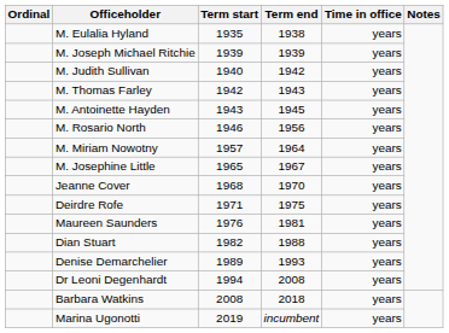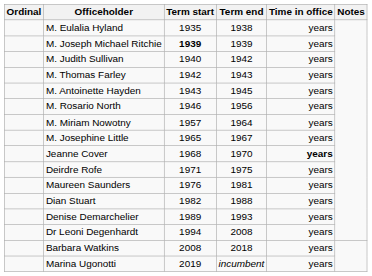 <table class="wikitable">
 <tr>
 <th>Ordinal</th>
 <th>Officeholder</th>
 <th>Term start</th>
 <th>Term end</th>
 <th>Time in office</th>
 <th>Notes</th>
 </tr>
 <tr>
 <td align=center></td>
 <td>M. Eulalia Hyland</td>
 <td align=center>1935</td>
 <td align=center>1938</td>
 <td align=right> years</td>
 <td rowspan=14></td>
 </tr>
 <tr>
 <td align=center></td>
 <td>M. Joseph Michael Ritchie</td>
-<td align=center>1939</td>
+<td align=center><strong>1939</strong></td>
 <td align=center>1939</td>
 <td align=right> years</td>
 </tr>
 <tr>
 <td align=center></td>
 <td>M. Judith Sullivan</td>
 <td align=center>1940</td>
 <td align=center>1942</td>
 <td align=right> years</td>
 </tr>
 <tr>
 <td align=center></td>
 <td>M. Thomas Farley</td>
 <td align=center>1942</td>
 <td align=center>1943</td>
 <td align=right> years</td>
 </tr>
 <tr>
 <td align=center></td>
 <td>M. Antoinette Hayden</td>
 <td align=center>1943</td>
 <td align=center>1945</td>
 <td align=right> years</td>
 </tr>
 <tr>
 <td align=center></td>
 <td>M. Rosario North</td>
 <td align=center>1946</td>
 <td align=center>1956</td>
 <td align=right> years</td>
 </tr>
 <tr>
 <td align=center></td>
 <td>M. Miriam Nowotny</td>
 <td align=center>1957</td>
 <td align=center>1964</td>
 <td align=right> years</td>
 </tr>
 <tr>
 <td align=center></td>
 <td>M. Josephine Little</td>
 <td align=center>1965</td>
 <td align=center>1967</td>
 <td align=right> years</td>
 </tr>
 <tr>
 <td align=center></td>
 <td>Jeanne Cover</td>
 <td align=center>1968</td>
 <td align=center>1970</td>
-<td align=right> years</td>
+<td align=right><strong> years</strong></td>
 </tr>
 <tr>
 <td align=center></td>
 <td>Deirdre Rofe</td>
 <td align=center>1971</td>
 <td align=center>1975</td>
 <td align=right> years</td>
 </tr>
 <tr>
 <td align=center></td>
 <td>Maureen Saunders</td>
 <td align=center>1976</td>
 <td align=center>1981</td>
 <td align=right> years</td>
 </tr>
 <tr>
 <td align=center></td>
 <td>Dian Stuart</td>
 <td align=center>1982</td>
 <td align=center>1988</td>
 <td align=right> years</td>
 </tr>
 <tr>
 <td align=center></td>
 <td>Denise Demarchelier</td>
 <td align=center>1989</td>
 <td align=center>1993</td>
 <td align=right> years</td>
 </tr>
 <tr>
 <td align=center></td>
 <td>Dr Leoni Degenhardt</td>
 <td align=center>1994</td>
 <td align=center>2008</td>
 <td align=right> years</td>
 </tr>
 <tr>
 <td align=center></td>
 <td>Barbara Watkins</td>
 <td align=center>2008</td>
 <td align=center>2018</td>
 <td align=right> years</td>
 <td rowspan=2></td>
 </tr>
 <tr>
 <td align=center></td>
 <td>Marina Ugonotti</td>
 <td align=center>2019</td>
 <td align=center><em>incumbent</em></td>
 <td align=right> years</td>
 </tr>
 </table>
